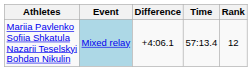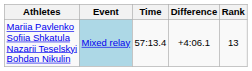 <table class="wikitable" style="font-size:90%">
 <tr>
 <th>Athletes</th>
 <th>Event</th>
+<th>Time</th>
 <th>Difference</th>
-<th>Time</th>
 <th>Rank</th>
 </tr>
 <tr align="center">
 <td align="left"><a href='#'>Mariia Pavlenko</a><br><a href='#'>Sofiia Shkatula</a><br><a href='#'>Nazarii Teselskyi</a><br><a href='#'>Bohdan Nikulin</a></td>
 <td align="left" style="background: lightblue;"><a href='#'>Mixed relay</a></td>
+<td>57:13.4</td>
 <td>+4:06.1</td>
-<td>57:13.4</td>
-<td>12</td>
+<td>13</td>
 </tr>
 </table>
